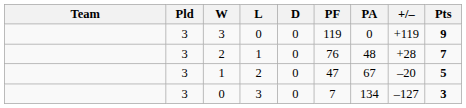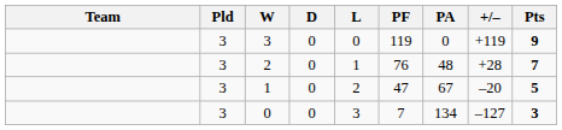 <table class="wikitable" style="text-align: center;">
 <tr>
 <th width="200">Team</th>
 <th width="40">Pld</th>
 <th width="40">W</th>
+<th width="40">D</th>
 <th width="40">L</th>
-<th width="40">D</th>
 <th width="40">PF</th>
 <th width="40">PA</th>
 <th width="40">+/–</th>
 <th width="40">Pts</th>
 </tr>
 <tr>
 <td align=left></td>
 <td>3</td>
 <td>3</td>
 <td>0</td>
 <td>0</td>
 <td>119</td>
 <td>0</td>
 <td>+119</td>
 <td><strong>9</strong></td>
 </tr>
 <tr>
 <td align=left></td>
 <td>3</td>
 <td>2</td>
+<td>0</td>
 <td>1</td>
-<td>0</td>
 <td>76</td>
 <td>48</td>
 <td>+28</td>
 <td><strong>7</strong></td>
 </tr>
 <tr>
 <td align=left></td>
 <td>3</td>
 <td>1</td>
+<td>0</td>
 <td>2</td>
-<td>0</td>
 <td>47</td>
 <td>67</td>
 <td>–20</td>
 <td><strong>5</strong></td>
 </tr>
 <tr>
 <td align=left></td>
 <td>3</td>
 <td>0</td>
+<td>0</td>
 <td>3</td>
-<td>0</td>
 <td>7</td>
 <td>134</td>
 <td>–127</td>
 <td><strong>3</strong></td>
 </tr>
 </table>
